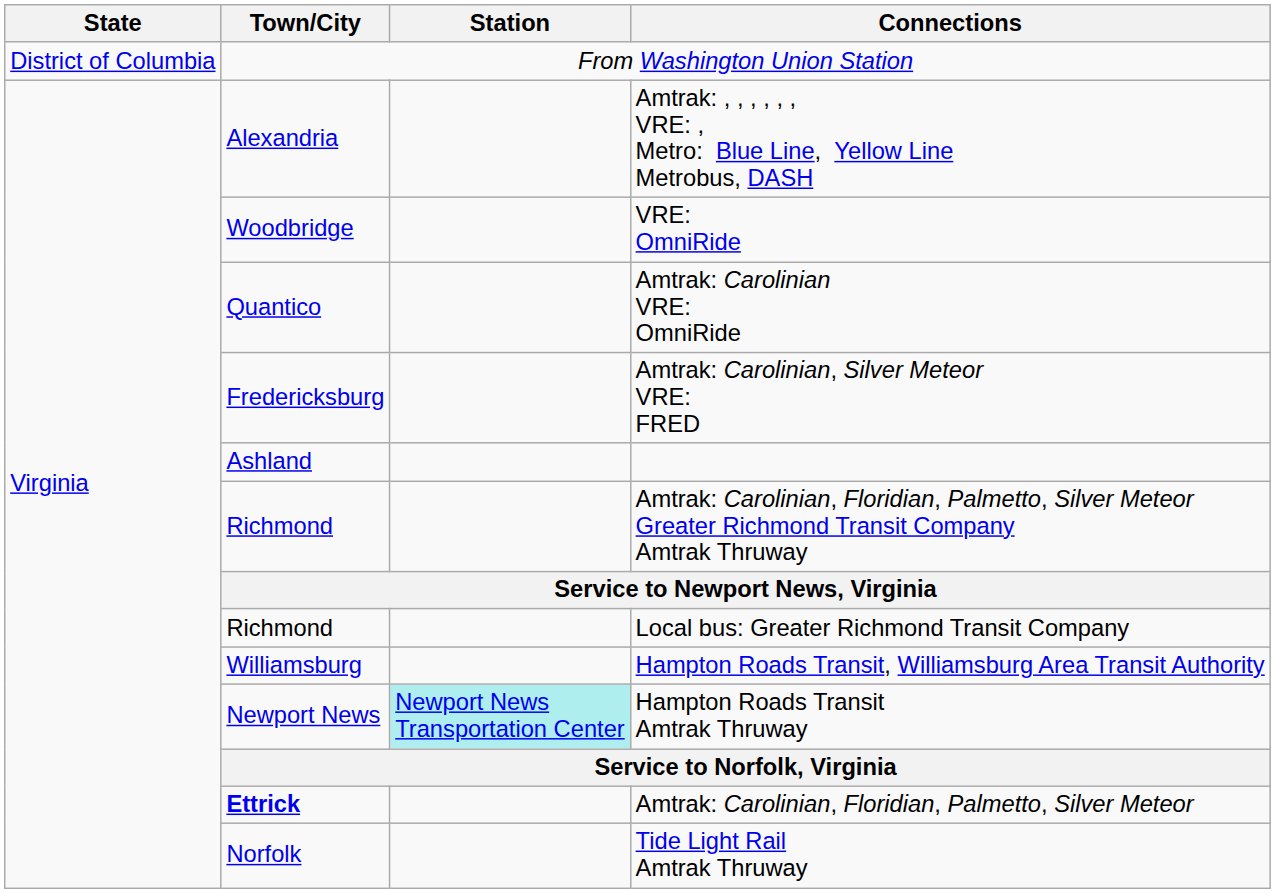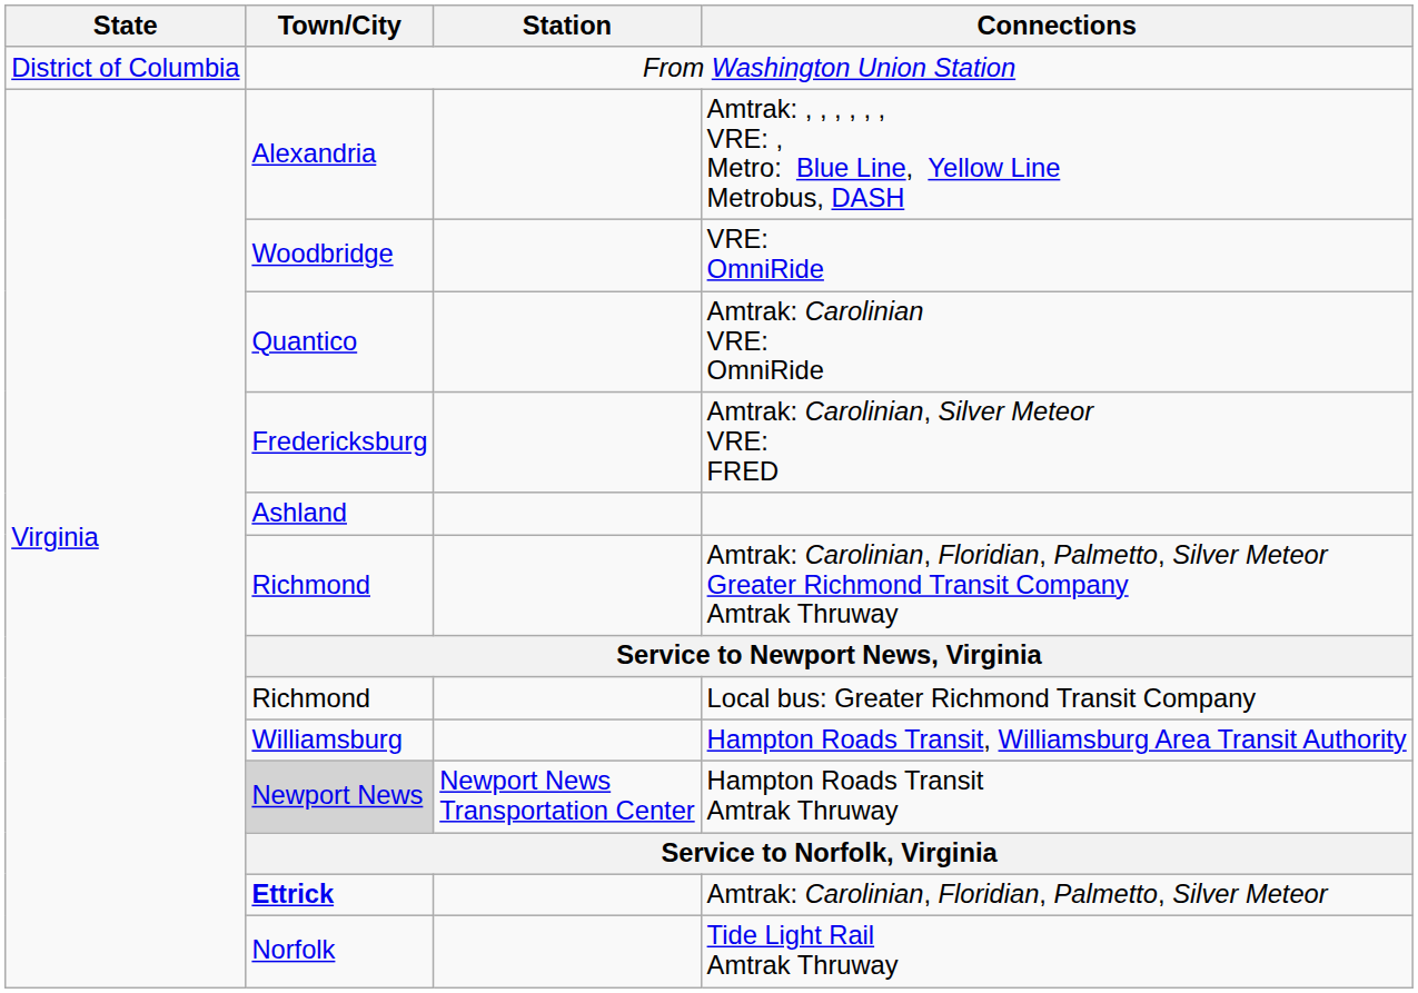 <table class="wikitable">
 <tr>
 <th>State</th>
 <th>Town/City</th>
 <th>Station</th>
 <th>Connections</th>
 </tr>
 <tr>
 <td><a href='#'>District of Columbia</a></td>
 <td colspan=3 style="text-align:center;"><em>From <a href='#'>Washington Union Station</a></em></td>
 </tr>
 <tr>
 <td rowspan=13><a href='#'>Virginia</a></td>
 <td><a href='#'>Alexandria</a></td>
 <td></td>
 <td> Amtrak: , , , , , , <br> VRE: , <br> Metro:  <a href='#'>Blue Line</a>,  <a href='#'>Yellow Line</a><br> Metrobus, <a href='#'>DASH</a></td>
 </tr>
 <tr>
 <td><a href='#'>Woodbridge</a></td>
 <td></td>
 <td> VRE: <br> <a href='#'>OmniRide</a></td>
 </tr>
 <tr>
 <td><a href='#'>Quantico</a></td>
 <td></td>
 <td> Amtrak: <em>Carolinian</em><br> VRE: <br> OmniRide</td>
 </tr>
 <tr>
 <td><a href='#'>Fredericksburg</a></td>
 <td></td>
 <td> Amtrak: <em>Carolinian</em>, <em>Silver Meteor</em><br> VRE: <br> FRED</td>
 </tr>
 <tr>
 <td><a href='#'>Ashland</a></td>
 <td></td>
 <td></td>
 </tr>
 <tr>
 <td><a href='#'>Richmond</a></td>
 <td></td>
 <td> Amtrak: <em>Carolinian</em>, <em>Floridian</em>, <em>Palmetto</em>, <em>Silver Meteor</em><br> <a href='#'>Greater Richmond Transit Company</a><br> Amtrak Thruway</td>
 </tr>
 <tr>
 <th colspan="3" style="text-align:center;">Service to Newport News, Virginia</th>
 </tr>
 <tr>
 <td>Richmond</td>
 <td></td>
 <td> Local bus: Greater Richmond Transit Company</td>
 </tr>
 <tr>
 <td><a href='#'>Williamsburg</a></td>
 <td></td>
 <td> <a href='#'>Hampton Roads Transit</a>, <a href='#'>Williamsburg Area Transit Authority</a></td>
 </tr>
 <tr>
-<td><a href='#'>Newport News</a></td>
-<td style="background: paleturquoise;"><a href='#'>Newport News<br>Transportation Center</a></td>
+<td style="background: lightgrey;"><a href='#'>Newport News</a></td>
+<td><a href='#'>Newport News<br>Transportation Center</a></td>
 <td> Hampton Roads Transit<br> Amtrak Thruway</td>
 </tr>
 <tr>
 <th colspan="3" style="text-align:center;">Service to Norfolk, Virginia</th>
 </tr>
 <tr>
 <td><strong><a href='#'>Ettrick</a></strong></td>
 <td></td>
 <td> Amtrak: <em>Carolinian</em>, <em>Floridian</em>, <em>Palmetto</em>, <em>Silver Meteor</em></td>
 </tr>
 <tr>
 <td><a href='#'>Norfolk</a></td>
 <td></td>
 <td> <a href='#'>Tide Light Rail</a><br> Amtrak Thruway</td>
 </tr>
 </table>
